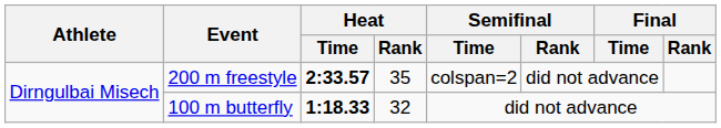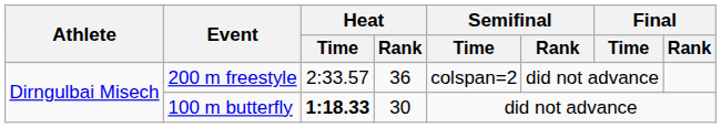 <table class=wikitable style="font-size:90%">
 <tr>
 <th rowspan=2>Athlete</th>
 <th rowspan=2>Event</th>
 <th colspan="2">Heat</th>
 <th colspan="2">Semifinal</th>
 <th colspan="2">Final</th>
 </tr>
 <tr style="font-size:95%">
 <th>Time</th>
 <th>Rank</th>
 <th>Time</th>
 <th>Rank</th>
 <th>Time</th>
 <th>Rank</th>
 </tr>
 <tr align=center>
 <td align=left rowspan=2><a href='#'>Dirngulbai Misech</a></td>
 <td align=left><a href='#'>200 m freestyle</a></td>
-<td><strong>2:33.57</strong></td>
-<td>35</td>
+<td>2:33.57</td>
+<td>36</td>
 <td>colspan=2 </td>
 <td colspan=2>did not advance</td>
 </tr>
 <tr align=center>
 <td align=left><a href='#'>100 m butterfly</a></td>
 <td><strong>1:18.33</strong></td>
-<td>32</td>
+<td>30</td>
 <td colspan=4>did not advance</td>
 </tr>
 </table>
